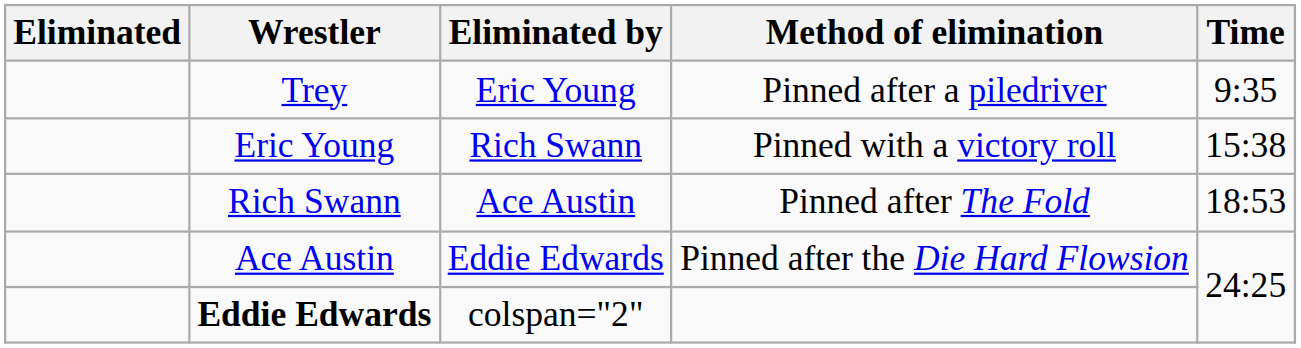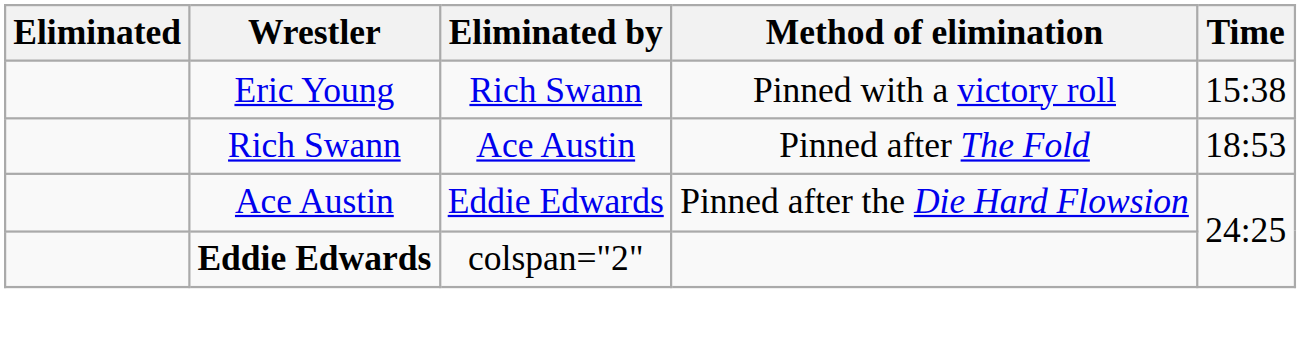 <table class="wikitable sortable" style="text-align:center;">
 <tr>
 <th>Eliminated</th>
 <th>Wrestler</th>
 <th>Eliminated by</th>
 <th>Method of elimination</th>
 <th>Time</th>
-</tr>
-<tr>
-<td></td>
-<td><a href='#'>Trey</a></td>
-<td><a href='#'>Eric Young</a></td>
-<td>Pinned after a <a href='#'>piledriver</a></td>
-<td>9:35</td>
 </tr>
 <tr>
 <td></td>
 <td><a href='#'>Eric Young</a></td>
 <td><a href='#'>Rich Swann</a></td>
 <td>Pinned with a <a href='#'>victory roll</a></td>
 <td>15:38</td>
 </tr>
 <tr>
 <td></td>
 <td><a href='#'>Rich Swann</a></td>
 <td><a href='#'>Ace Austin</a></td>
 <td>Pinned after <em><a href='#'>The Fold</a></em></td>
 <td>18:53</td>
 </tr>
 <tr>
 <td></td>
 <td><a href='#'>Ace Austin</a></td>
 <td><a href='#'>Eddie Edwards</a></td>
 <td>Pinned after the <em><a href='#'>Die Hard Flowsion</a></em></td>
 <td rowspan="2">24:25</td>
 </tr>
 <tr>
 <td><strong></strong></td>
 <td><strong>Eddie Edwards</strong></td>
 <td>colspan="2" </td>
 </tr>
 </table>
